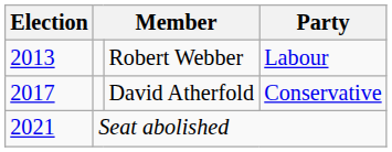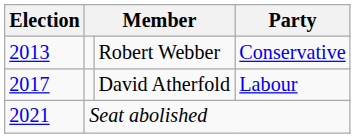 <table class="wikitable">
 <tr>
 <th>Election</th>
 <th colspan="2">Member</th>
 <th>Party</th>
 </tr>
 <tr>
 <td><a href='#'>2013</a></td>
 <td rowspan="1" style="background-color: "></td>
 <td rowspan="1">Robert Webber</td>
-<td rowspan="1"><a href='#'>Labour</a></td>
+<td rowspan="1"><a href='#'>Conservative</a></td>
 </tr>
 <tr>
 <td><a href='#'>2017</a></td>
 <td rowspan="1" style="background-color: "></td>
 <td rowspan="1">David Atherfold</td>
-<td rowspan="1"><a href='#'>Conservative</a></td>
+<td rowspan="1"><a href='#'>Labour</a></td>
 </tr>
 <tr>
 <td><a href='#'>2021</a></td>
 <td colspan="3"><em>Seat abolished</em></td>
 </tr>
 </table>
